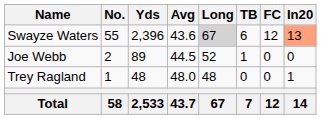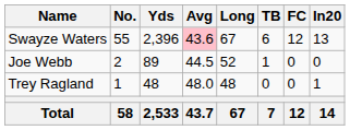 <table class="wikitable" style="white-space:nowrap;" style="text-align:center;">
 <tr>
 <th>Name</th>
 <th>No.</th>
 <th>Yds</th>
 <th>Avg</th>
 <th>Long</th>
 <th>TB</th>
 <th>FC</th>
 <th>In20</th>
 </tr>
 <tr>
 <td align=left>Swayze Waters</td>
 <td>55</td>
 <td>2,396</td>
-<td>43.6</td>
-<td style="background: lightgrey;">67</td>
+<td style="background: pink;">43.6</td>
+<td>67</td>
 <td>6</td>
 <td>12</td>
-<td style="background: lightsalmon;">13</td>
+<td>13</td>
 </tr>
 <tr>
 <td align=left>Joe Webb</td>
 <td>2</td>
 <td>89</td>
 <td>44.5</td>
 <td>52</td>
 <td>1</td>
 <td>0</td>
 <td>0</td>
 </tr>
 <tr>
 <td align=left>Trey Ragland</td>
 <td>1</td>
 <td>48</td>
 <td>48.0</td>
 <td>48</td>
 <td>0</td>
 <td>0</td>
 <td>1</td>
 </tr>
 <tr>
 <th colspan=9></th>
 </tr>
 <tr>
 <th>Total</th>
 <th>58</th>
 <th>2,533</th>
 <th>43.7</th>
 <th>67</th>
 <th>7</th>
 <th>12</th>
 <th>14</th>
 </tr>
 </table>
